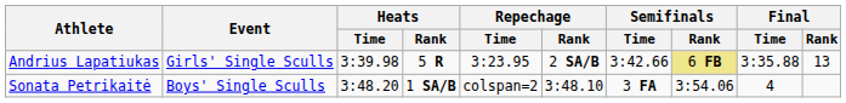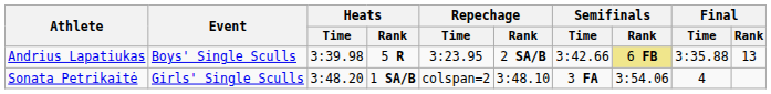 <table class="wikitable" style="font-size:90%">
 <tr>
 <th rowspan="2">Athlete</th>
 <th rowspan="2">Event</th>
 <th colspan="2">Heats</th>
 <th colspan="2">Repechage</th>
 <th colspan="2">Semifinals</th>
 <th colspan="2">Final</th>
 </tr>
 <tr style="font-size:95%">
 <th>Time</th>
 <th>Rank</th>
 <th>Time</th>
 <th>Rank</th>
 <th>Time</th>
 <th>Rank</th>
 <th>Time</th>
 <th>Rank</th>
 </tr>
 <tr align=center>
 <td align=left><a href='#'>Andrius Lapatiukas</a></td>
-<td align=left><a href='#'>Girls' Single Sculls</a></td>
+<td align=left><a href='#'>Boys' Single Sculls</a></td>
 <td>3:39.98</td>
 <td>5 <strong>R</strong></td>
 <td>3:23.95</td>
 <td>2 <strong>SA/B</strong></td>
 <td>3:42.66</td>
 <td style="background: khaki;">6 <strong>FB</strong></td>
 <td>3:35.88</td>
 <td>13</td>
 </tr>
 <tr align=center>
 <td align=left><a href='#'>Sonata Petrikaitė</a></td>
-<td align=left><a href='#'>Boys' Single Sculls</a></td>
+<td align=left><a href='#'>Girls' Single Sculls</a></td>
 <td>3:48.20</td>
 <td>1 <strong>SA/B</strong></td>
 <td>colspan=2 </td>
 <td>3:48.10</td>
 <td>3 <strong>FA</strong></td>
 <td>3:54.06</td>
 <td>4</td>
 </tr>
 </table>
